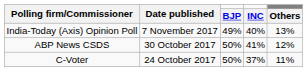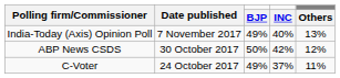 <table class="wikitable" style="text-align:center;font-size:95%;line-height:16px;">
 <tr>
 <th class="wikitable" rowspan="2">Polling firm/Commissioner</th>
 <th class="wikitable" rowspan="2">Date published</th>
 <td></td>
 <td></td>
 <td style="background:gray;"></td>
 </tr>
 <tr>
 <th class="wikitable"><a href='#'>BJP</a></th>
 <th class="wikitable"><a href='#'>INC</a></th>
 <th class="wikitable">Others</th>
 </tr>
 <tr>
 <td>India-Today (Axis) Opinion Poll</td>
 <td>7 November 2017</td>
 <td>49%<br></td>
 <td>40%<br></td>
 <td>13%<br></td>
 </tr>
 <tr>
 <td>ABP News CSDS</td>
 <td>30 October 2017</td>
 <td>50%<br></td>
-<td>41%<br></td>
+<td>42%<br></td>
 <td>12%<br></td>
 </tr>
 <tr>
 <td>C-Voter</td>
 <td>24 October 2017</td>
-<td>50%<br></td>
+<td>49%<br></td>
 <td>37%<br></td>
 <td>11%<br></td>
 </tr>
 </table>
